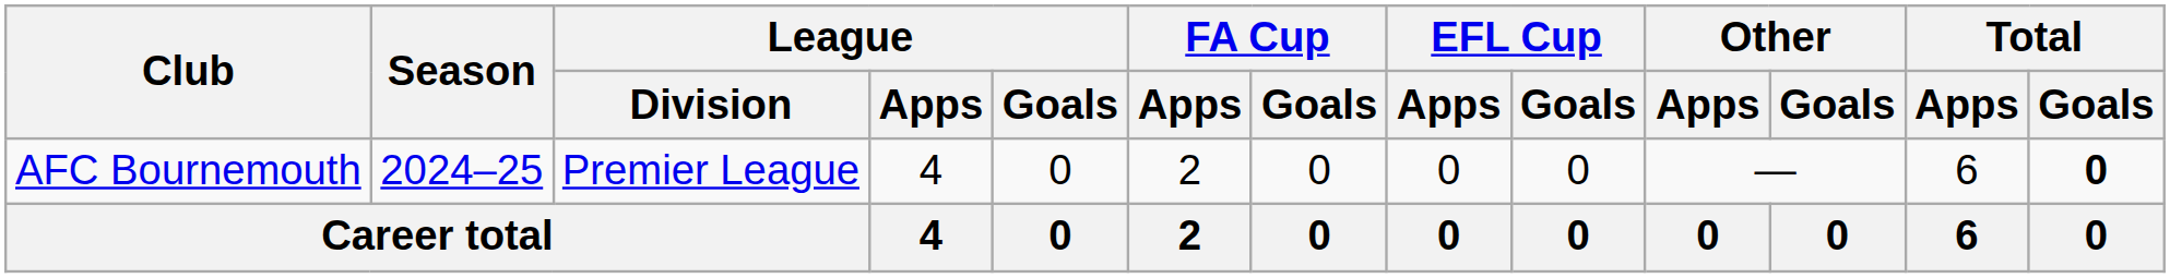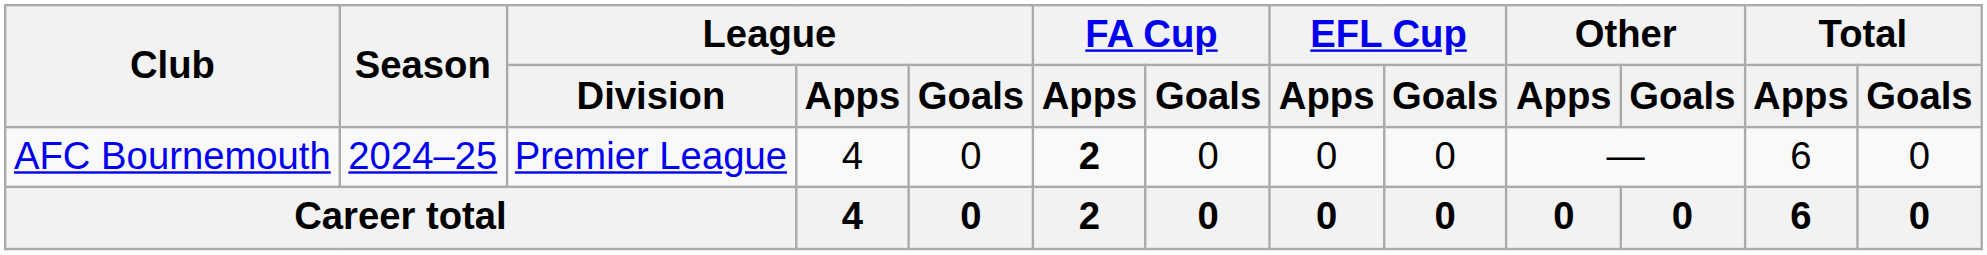 <table class=wikitable style=text-align:center>
 <tr>
 <th rowspan=2>Club</th>
 <th rowspan=2>Season</th>
 <th colspan=3>League</th>
 <th colspan=2><a href='#'>FA Cup</a></th>
 <th colspan=2><a href='#'>EFL Cup</a></th>
 <th colspan=2>Other</th>
 <th colspan=2>Total</th>
 </tr>
 <tr>
 <th>Division</th>
 <th>Apps</th>
 <th>Goals</th>
 <th>Apps</th>
 <th>Goals</th>
 <th>Apps</th>
 <th>Goals</th>
 <th>Apps</th>
 <th>Goals</th>
 <th>Apps</th>
 <th>Goals</th>
 </tr>
 <tr>
 <td><a href='#'>AFC Bournemouth</a></td>
 <td><a href='#'>2024–25</a></td>
 <td><a href='#'>Premier League</a></td>
 <td>4</td>
 <td>0</td>
-<td>2</td>
+<td><strong>2</strong></td>
 <td>0</td>
 <td>0</td>
 <td>0</td>
 <td colspan="2">—</td>
 <td>6</td>
-<td><strong>0</strong></td>
+<td>0</td>
 </tr>
 <tr>
 <th colspan="3">Career total</th>
 <th>4</th>
 <th>0</th>
 <th>2</th>
 <th>0</th>
 <th>0</th>
 <th>0</th>
 <th>0</th>
 <th>0</th>
 <th>6</th>
 <th>0</th>
 </tr>
 </table>
